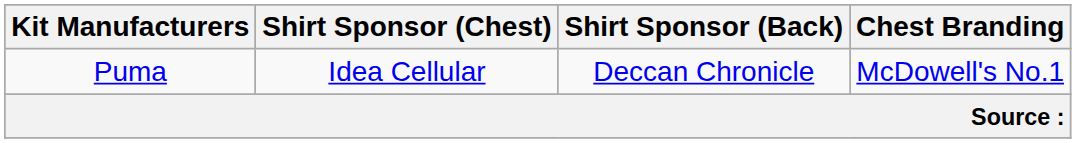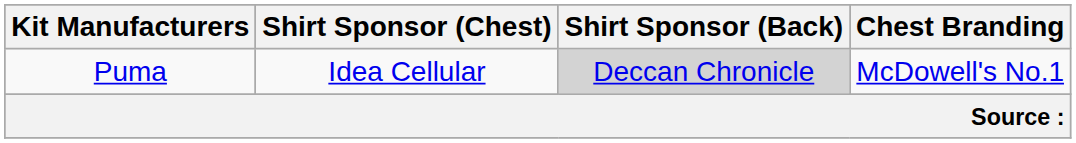 <table class="wikitable" style="text-align: center;">
 <tr>
 <th>Kit Manufacturers</th>
 <th>Shirt Sponsor (Chest)</th>
 <th>Shirt Sponsor (Back)</th>
 <th>Chest Branding</th>
 </tr>
 <tr>
 <td><a href='#'>Puma</a></td>
 <td><a href='#'>Idea Cellular</a></td>
-<td><a href='#'>Deccan Chronicle</a></td>
+<td style="background: lightgrey;"><a href='#'>Deccan Chronicle</a></td>
 <td><a href='#'>McDowell's No.1</a></td>
 </tr>
 <tr>
 <th colspan="4" style="text-align:right;"><small>Source :</small></th>
 </tr>
 </table>
